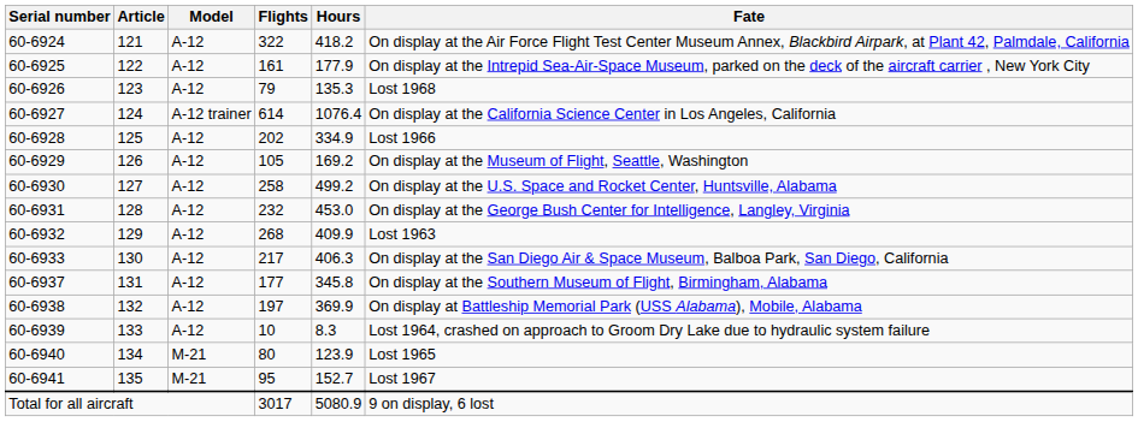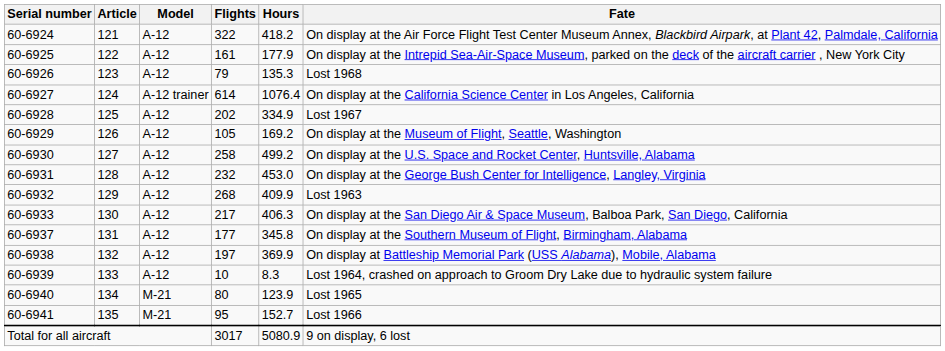 <table class=wikitable style="align: right; text-align: left; font-size:100%; color:black">
 <tr>
 <th>Serial number</th>
 <th>Article</th>
 <th>Model</th>
 <th>Flights</th>
 <th>Hours</th>
 <th>Fate</th>
 </tr>
 <tr>
 <td>60-6924</td>
 <td>121</td>
 <td>A-12</td>
 <td>322</td>
 <td>418.2</td>
 <td>On display at the Air Force Flight Test Center Museum Annex, <em>Blackbird Airpark</em>, at <a href='#'>Plant 42</a>, <a href='#'>Palmdale, California</a></td>
 </tr>
 <tr>
 <td>60-6925</td>
 <td>122</td>
 <td>A-12</td>
 <td>161</td>
 <td>177.9</td>
 <td>On display at the <a href='#'>Intrepid Sea-Air-Space Museum</a>, parked on the <a href='#'>deck</a> of the <a href='#'>aircraft carrier</a> , New York City</td>
 </tr>
 <tr>
 <td>60-6926</td>
 <td>123</td>
 <td>A-12</td>
 <td>79</td>
 <td>135.3</td>
 <td>Lost 1968</td>
 </tr>
 <tr>
 <td>60-6927</td>
 <td>124</td>
 <td>A-12 trainer</td>
 <td>614</td>
 <td>1076.4</td>
 <td>On display at the <a href='#'>California Science Center</a> in Los Angeles, California</td>
 </tr>
 <tr>
 <td>60-6928</td>
 <td>125</td>
 <td>A-12</td>
 <td>202</td>
 <td>334.9</td>
-<td>Lost 1966</td>
+<td>Lost 1967</td>
 </tr>
 <tr>
 <td>60-6929</td>
 <td>126</td>
 <td>A-12</td>
 <td>105</td>
 <td>169.2</td>
 <td>On display at the <a href='#'>Museum of Flight</a>, <a href='#'>Seattle</a>, Washington</td>
 </tr>
 <tr>
 <td>60-6930</td>
 <td>127</td>
 <td>A-12</td>
 <td>258</td>
 <td>499.2</td>
 <td>On display at the <a href='#'>U.S. Space and Rocket Center</a>, <a href='#'>Huntsville, Alabama</a></td>
 </tr>
 <tr>
 <td>60-6931</td>
 <td>128</td>
 <td>A-12</td>
 <td>232</td>
 <td>453.0</td>
 <td>On display at the <a href='#'>George Bush Center for Intelligence</a>, <a href='#'>Langley, Virginia</a></td>
 </tr>
 <tr>
 <td>60-6932</td>
 <td>129</td>
 <td>A-12</td>
 <td>268</td>
 <td>409.9</td>
 <td>Lost 1963</td>
 </tr>
 <tr>
 <td>60-6933</td>
 <td>130</td>
 <td>A-12</td>
 <td>217</td>
 <td>406.3</td>
 <td>On display at the <a href='#'>San Diego Air & Space Museum</a>, Balboa Park, <a href='#'>San Diego</a>, California</td>
 </tr>
 <tr>
 <td>60-6937</td>
 <td>131</td>
 <td>A-12</td>
 <td>177</td>
 <td>345.8</td>
 <td>On display at the <a href='#'>Southern Museum of Flight</a>, <a href='#'>Birmingham, Alabama</a></td>
 </tr>
 <tr>
 <td>60-6938</td>
 <td>132</td>
 <td>A-12</td>
 <td>197</td>
 <td>369.9</td>
 <td>On display at <a href='#'>Battleship Memorial Park</a> (<a href='#'>USS <em>Alabama</em></a>), <a href='#'>Mobile, Alabama</a></td>
 </tr>
 <tr>
 <td>60-6939</td>
 <td>133</td>
 <td>A-12</td>
 <td>10</td>
 <td>8.3</td>
 <td>Lost 1964, crashed on approach to Groom Dry Lake due to hydraulic system failure</td>
 </tr>
 <tr>
 <td>60-6940</td>
 <td>134</td>
 <td>M-21</td>
 <td>80</td>
 <td>123.9</td>
 <td>Lost 1965</td>
 </tr>
 <tr>
 <td>60-6941</td>
 <td>135</td>
 <td>M-21</td>
 <td>95</td>
 <td>152.7</td>
-<td>Lost 1967</td>
+<td>Lost 1966</td>
 </tr>
 <tr style="border-top: 2px solid black;">
 <td colspan="3">Total for all aircraft</td>
 <td>3017</td>
 <td>5080.9</td>
 <td>9 on display, 6 lost</td>
 </tr>
 </table>
